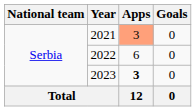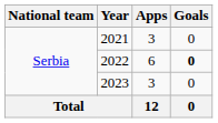 <table class="wikitable" style="text-align:center">
 <tr>
 <th>National team</th>
 <th>Year</th>
 <th>Apps</th>
 <th>Goals</th>
 </tr>
 <tr>
 <td rowspan="3"><a href='#'>Serbia</a></td>
 <td>2021</td>
-<td style="background: lightsalmon;">3</td>
+<td>3</td>
 <td>0</td>
 </tr>
 <tr>
 <td>2022</td>
 <td>6</td>
-<td>0</td>
+<td><strong>0</strong></td>
 </tr>
 <tr>
 <td>2023</td>
-<td><strong>3</strong></td>
+<td>3</td>
 <td>0</td>
 </tr>
 <tr>
 <th colspan="2">Total</th>
 <th>12</th>
 <th>0</th>
 </tr>
 </table>
